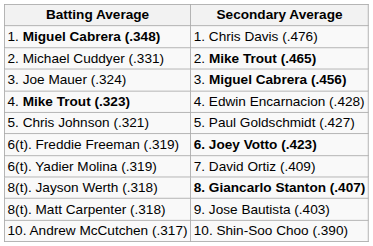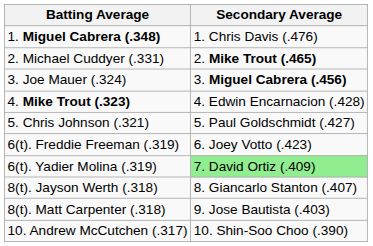 <table class="wikitable">
 <tr>
 <th>Batting Average</th>
 <th>Secondary Average</th>
 </tr>
 <tr>
 <td>1. <strong>Miguel Cabrera (.348)</strong></td>
 <td>1. Chris Davis (.476)</td>
 </tr>
 <tr>
 <td>2. Michael Cuddyer (.331)</td>
 <td>2. <strong>Mike Trout (.465)</strong></td>
 </tr>
 <tr>
 <td>3. Joe Mauer (.324)</td>
 <td>3. <strong>Miguel Cabrera (.456)</strong></td>
 </tr>
 <tr>
 <td>4. <strong>Mike Trout (.323)</strong></td>
 <td>4. Edwin Encarnacion (.428)</td>
 </tr>
 <tr>
 <td>5. Chris Johnson (.321)</td>
 <td>5. Paul Goldschmidt (.427)</td>
 </tr>
 <tr>
 <td>6(t). Freddie Freeman (.319)</td>
-<td><strong>6. Joey Votto (.423)</strong></td>
+<td>6. Joey Votto (.423)</td>
 </tr>
 <tr>
 <td>6(t). Yadier Molina (.319)</td>
-<td>7. David Ortiz (.409)</td>
+<td style="background: lightgreen;">7. David Ortiz (.409)</td>
 </tr>
 <tr>
 <td>8(t). Jayson Werth (.318)</td>
-<td><strong>8. Giancarlo Stanton (.407)</strong></td>
+<td>8. Giancarlo Stanton (.407)</td>
 </tr>
 <tr>
 <td>8(t). Matt Carpenter (.318)</td>
 <td>9. Jose Bautista (.403)</td>
 </tr>
 <tr>
 <td>10. Andrew McCutchen (.317)</td>
 <td>10. Shin-Soo Choo (.390)</td>
 </tr>
 </table>
